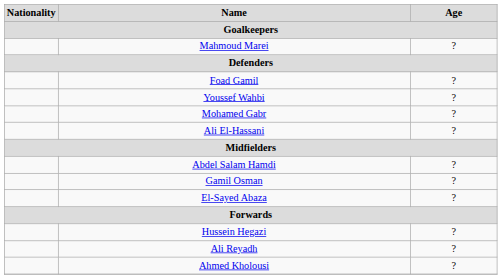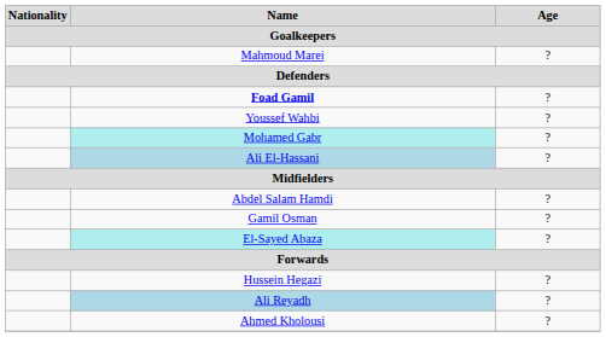 <table class="wikitable"  style="text-align:center; font-size:90%; width:55%;">
 <tr>
 <th style="background:#DCDCDC; color:black;" width=55;>Nationality</th>
 <th style="background:#DCDCDC; color:black;">Name</th>
 <th style="background:#DCDCDC; color:black;">Age</th>
 </tr>
 <tr>
 <th colspan="6" style="background:#DCDCDC;">Goalkeepers</th>
 </tr>
 <tr>
 <td></td>
 <td><a href='#'>Mahmoud Marei</a></td>
 <td>?</td>
 </tr>
 <tr>
 <th colspan="6" style="background:#DCDCDC;">Defenders</th>
 </tr>
 <tr>
 <td></td>
-<td><a href='#'>Foad Gamil</a></td>
+<td><strong><a href='#'>Foad Gamil</a></strong></td>
 <td>?</td>
 </tr>
 <tr>
 <td></td>
 <td><a href='#'>Youssef Wahbi</a></td>
 <td>?</td>
 </tr>
 <tr>
 <td></td>
-<td><a href='#'>Mohamed Gabr</a></td>
+<td style="background: paleturquoise;"><a href='#'>Mohamed Gabr</a></td>
 <td>?</td>
 </tr>
 <tr>
 <td></td>
-<td><a href='#'>Ali El-Hassani</a></td>
+<td style="background: lightblue;"><a href='#'>Ali El-Hassani</a></td>
 <td>?</td>
 </tr>
 <tr>
 <th colspan="6" style="background:#DCDCDC;">Midfielders</th>
 </tr>
 <tr>
 <td></td>
 <td><a href='#'>Abdel Salam Hamdi</a></td>
 <td>?</td>
 </tr>
 <tr>
 <td></td>
 <td><a href='#'>Gamil Osman</a></td>
 <td>?</td>
 </tr>
 <tr>
 <td></td>
-<td><a href='#'>El-Sayed Abaza</a></td>
+<td style="background: paleturquoise;"><a href='#'>El-Sayed Abaza</a></td>
 <td>?</td>
 </tr>
 <tr>
 <th colspan="6" style="background:#DCDCDC;">Forwards</th>
 </tr>
 <tr>
 <td></td>
 <td><a href='#'>Hussein Hegazi</a></td>
 <td>?</td>
 </tr>
 <tr>
 <td></td>
-<td><a href='#'>Ali Reyadh</a></td>
+<td style="background: lightblue;"><a href='#'>Ali Reyadh</a></td>
 <td>?</td>
 </tr>
 <tr>
 <td></td>
 <td><a href='#'>Ahmed Kholousi</a></td>
 <td>?</td>
 </tr>
 <tr>
 </tr>
 </table>
